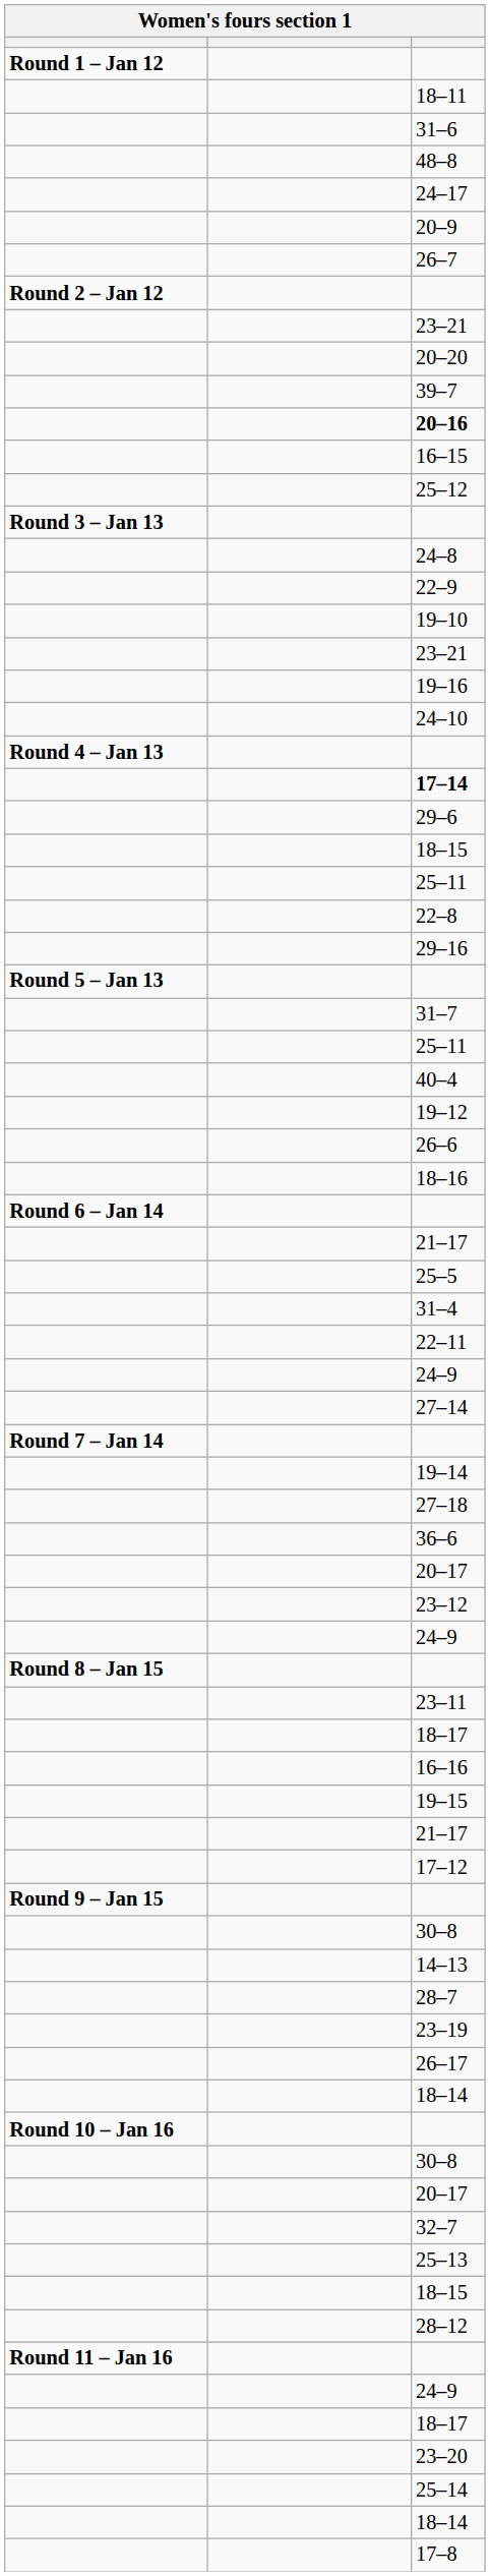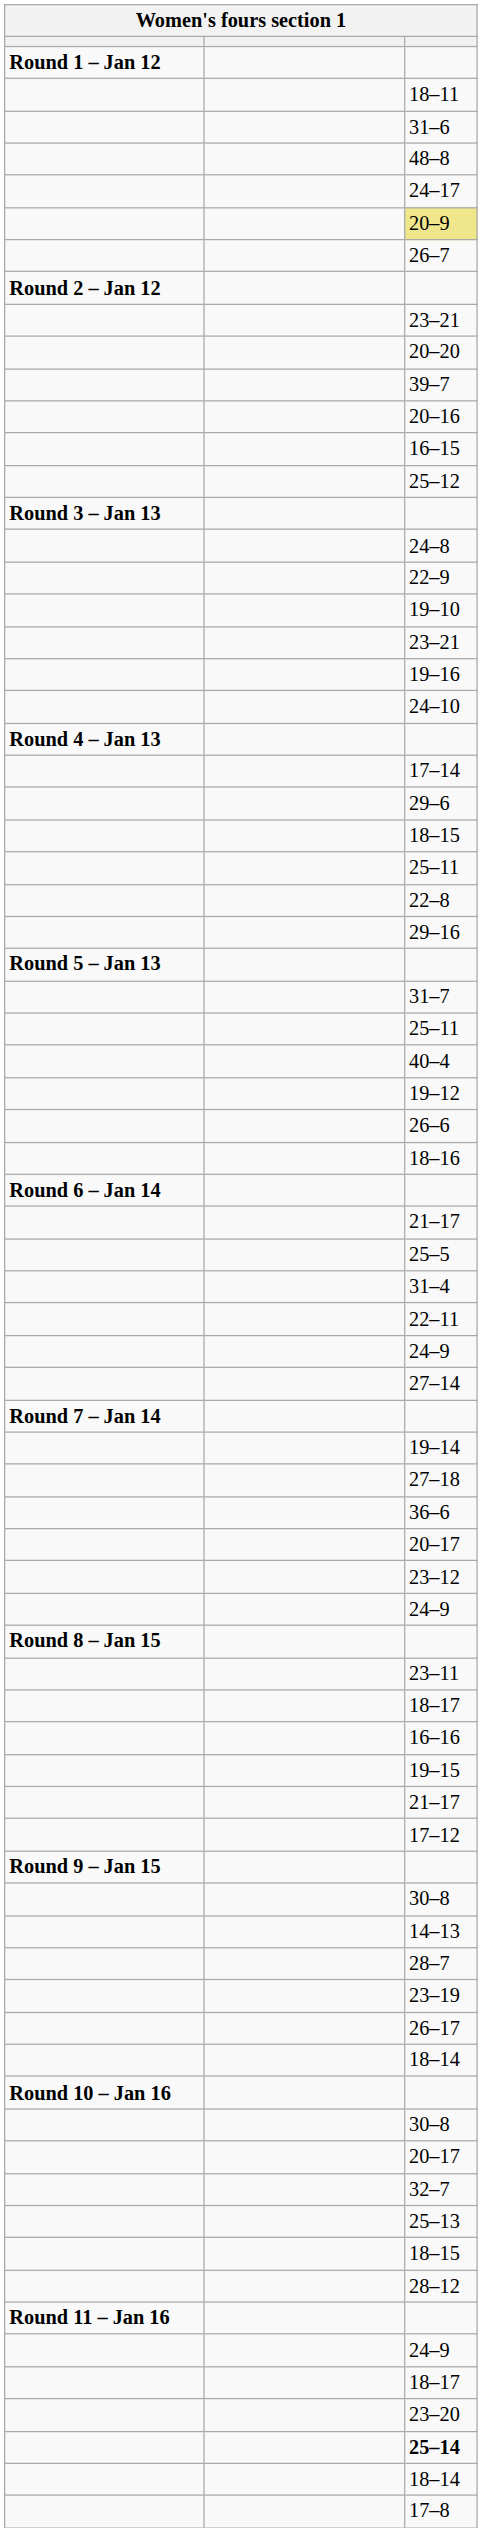 <table class="wikitable">
 <tr>
 <th colspan="3">Women's fours section 1</th>
 </tr>
 <tr>
 <th width=150></th>
 <th width=150></th>
 <th width=50></th>
 </tr>
 <tr>
 <td><strong>Round 1 – Jan 12</strong></td>
 <td></td>
 <td></td>
 </tr>
 <tr>
 <td></td>
 <td></td>
 <td>18–11</td>
 </tr>
 <tr>
 <td></td>
 <td></td>
 <td>31–6</td>
 </tr>
 <tr>
 <td></td>
 <td></td>
 <td>48–8</td>
 </tr>
 <tr>
 <td></td>
 <td></td>
 <td>24–17</td>
 </tr>
 <tr>
 <td></td>
 <td></td>
-<td>20–9</td>
+<td style="background: khaki;">20–9</td>
 </tr>
 <tr>
 <td></td>
 <td></td>
 <td>26–7</td>
 </tr>
 <tr>
 <td><strong>Round 2 – Jan 12</strong></td>
 <td></td>
 <td></td>
 </tr>
 <tr>
 <td></td>
 <td></td>
 <td>23–21</td>
 </tr>
 <tr>
 <td></td>
 <td></td>
 <td>20–20</td>
 </tr>
 <tr>
 <td></td>
 <td></td>
 <td>39–7</td>
 </tr>
 <tr>
 <td></td>
 <td></td>
-<td><strong>20–16</strong></td>
+<td>20–16</td>
 </tr>
 <tr>
 <td></td>
 <td></td>
 <td>16–15</td>
 </tr>
 <tr>
 <td></td>
 <td></td>
 <td>25–12</td>
 </tr>
 <tr>
 <td><strong>Round 3 – Jan 13</strong></td>
 <td></td>
 <td></td>
 </tr>
 <tr>
 <td></td>
 <td></td>
 <td>24–8</td>
 </tr>
 <tr>
 <td></td>
 <td></td>
 <td>22–9</td>
 </tr>
 <tr>
 <td></td>
 <td></td>
 <td>19–10</td>
 </tr>
 <tr>
 <td></td>
 <td></td>
 <td>23–21</td>
 </tr>
 <tr>
 <td></td>
 <td></td>
 <td>19–16</td>
 </tr>
 <tr>
 <td></td>
 <td></td>
 <td>24–10</td>
 </tr>
 <tr>
 <td><strong>Round 4 – Jan 13</strong></td>
 <td></td>
 <td></td>
 </tr>
 <tr>
 <td></td>
 <td></td>
-<td><strong>17–14</strong></td>
+<td>17–14</td>
 </tr>
 <tr>
 <td></td>
 <td></td>
 <td>29–6</td>
 </tr>
 <tr>
 <td></td>
 <td></td>
 <td>18–15</td>
 </tr>
 <tr>
 <td></td>
 <td></td>
 <td>25–11</td>
 </tr>
 <tr>
 <td></td>
 <td></td>
 <td>22–8</td>
 </tr>
 <tr>
 <td></td>
 <td></td>
 <td>29–16</td>
 </tr>
 <tr>
 <td><strong>Round 5 – Jan 13</strong></td>
 <td></td>
 <td></td>
 </tr>
 <tr>
 <td></td>
 <td></td>
 <td>31–7</td>
 </tr>
 <tr>
 <td></td>
 <td></td>
 <td>25–11</td>
 </tr>
 <tr>
 <td></td>
 <td></td>
 <td>40–4</td>
 </tr>
 <tr>
 <td></td>
 <td></td>
 <td>19–12</td>
 </tr>
 <tr>
 <td></td>
 <td></td>
 <td>26–6</td>
 </tr>
 <tr>
 <td></td>
 <td></td>
 <td>18–16</td>
 </tr>
 <tr>
 <td><strong>Round 6  – Jan 14</strong></td>
 <td></td>
 <td></td>
 </tr>
 <tr>
 <td></td>
 <td></td>
 <td>21–17</td>
 </tr>
 <tr>
 <td></td>
 <td></td>
 <td>25–5</td>
 </tr>
 <tr>
 <td></td>
 <td></td>
 <td>31–4</td>
 </tr>
 <tr>
 <td></td>
 <td></td>
 <td>22–11</td>
 </tr>
 <tr>
 <td></td>
 <td></td>
 <td>24–9</td>
 </tr>
 <tr>
 <td></td>
 <td></td>
 <td>27–14</td>
 </tr>
 <tr>
 <td><strong>Round 7 – Jan 14</strong></td>
 <td></td>
 <td></td>
 </tr>
 <tr>
 <td></td>
 <td></td>
 <td>19–14</td>
 </tr>
 <tr>
 <td></td>
 <td></td>
 <td>27–18</td>
 </tr>
 <tr>
 <td></td>
 <td></td>
 <td>36–6</td>
 </tr>
 <tr>
 <td></td>
 <td></td>
 <td>20–17</td>
 </tr>
 <tr>
 <td></td>
 <td></td>
 <td>23–12</td>
 </tr>
 <tr>
 <td></td>
 <td></td>
 <td>24–9</td>
 </tr>
 <tr>
 <td><strong>Round 8 – Jan 15</strong></td>
 <td></td>
 <td></td>
 </tr>
 <tr>
 <td></td>
 <td></td>
 <td>23–11</td>
 </tr>
 <tr>
 <td></td>
 <td></td>
 <td>18–17</td>
 </tr>
 <tr>
 <td></td>
 <td></td>
 <td>16–16</td>
 </tr>
 <tr>
 <td></td>
 <td></td>
 <td>19–15</td>
 </tr>
 <tr>
 <td></td>
 <td></td>
 <td>21–17</td>
 </tr>
 <tr>
 <td></td>
 <td></td>
 <td>17–12</td>
 </tr>
 <tr>
 <td><strong>Round 9 – Jan 15</strong></td>
 <td></td>
 <td></td>
 </tr>
 <tr>
 <td></td>
 <td></td>
 <td>30–8</td>
 </tr>
 <tr>
 <td></td>
 <td></td>
 <td>14–13</td>
 </tr>
 <tr>
 <td></td>
 <td></td>
 <td>28–7</td>
 </tr>
 <tr>
 <td></td>
 <td></td>
 <td>23–19</td>
 </tr>
 <tr>
 <td></td>
 <td></td>
 <td>26–17</td>
 </tr>
 <tr>
 <td></td>
 <td></td>
 <td>18–14</td>
 </tr>
 <tr>
 <td><strong>Round 10 – Jan 16</strong></td>
 <td></td>
 <td></td>
 </tr>
 <tr>
 <td></td>
 <td></td>
 <td>30–8</td>
 </tr>
 <tr>
 <td></td>
 <td></td>
 <td>20–17</td>
 </tr>
 <tr>
 <td></td>
 <td></td>
 <td>32–7</td>
 </tr>
 <tr>
 <td></td>
 <td></td>
 <td>25–13</td>
 </tr>
 <tr>
 <td></td>
 <td></td>
 <td>18–15</td>
 </tr>
 <tr>
 <td></td>
 <td></td>
 <td>28–12</td>
 </tr>
 <tr>
 <td><strong>Round 11 – Jan 16</strong></td>
 <td></td>
 <td></td>
 </tr>
 <tr>
 <td></td>
 <td></td>
 <td>24–9</td>
 </tr>
 <tr>
 <td></td>
 <td></td>
 <td>18–17</td>
 </tr>
 <tr>
 <td></td>
 <td></td>
 <td>23–20</td>
 </tr>
 <tr>
 <td></td>
 <td></td>
-<td>25–14</td>
+<td><strong>25–14</strong></td>
 </tr>
 <tr>
 <td></td>
 <td></td>
 <td>18–14</td>
 </tr>
 <tr>
 <td></td>
 <td></td>
 <td>17–8</td>
 </tr>
 </table>
